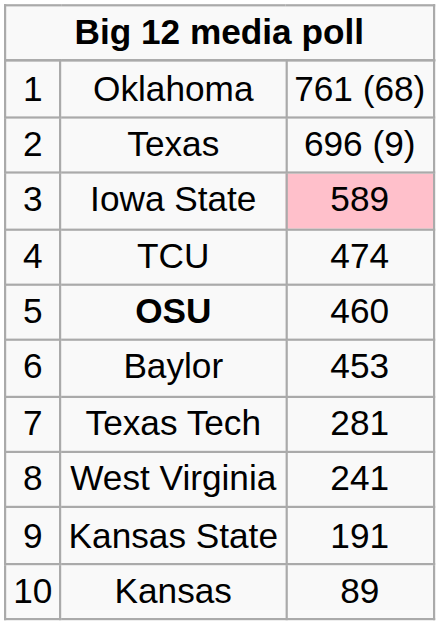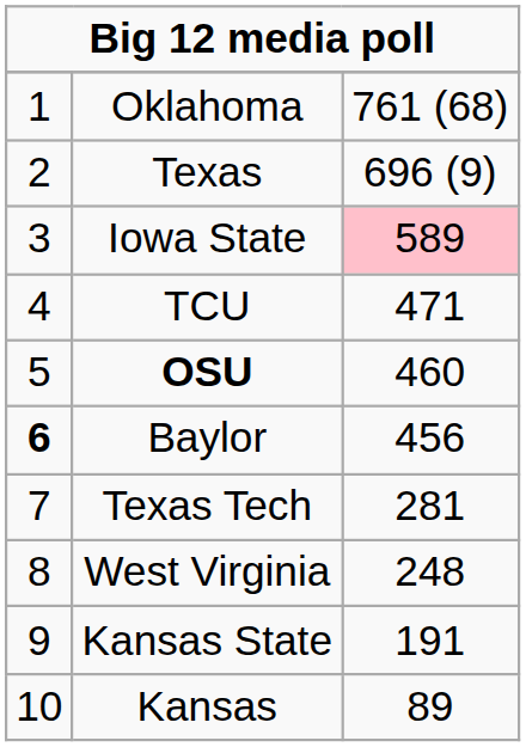 <table class="wikitable" style="display: inline-table;">
 <tr>
 <td align="center" Colspan="3"><strong>Big 12 media poll</strong></td>
 </tr>
 <tr align="center">
 </tr>
 <tr align="center">
 <td>1</td>
 <td>Oklahoma</td>
 <td>761 (68)</td>
 </tr>
 <tr align="center">
 <td>2</td>
 <td>Texas</td>
 <td>696 (9)</td>
 </tr>
 <tr align="center">
 <td>3</td>
 <td>Iowa State</td>
 <td style="background: pink;">589</td>
 </tr>
 <tr align="center">
 <td>4</td>
 <td>TCU</td>
-<td>474</td>
+<td>471</td>
 </tr>
 <tr align="center">
 <td>5</td>
 <td><strong>OSU</strong></td>
 <td>460</td>
 </tr>
 <tr align="center">
-<td>6</td>
+<td><strong>6</strong></td>
 <td>Baylor</td>
-<td>453</td>
+<td>456</td>
 </tr>
 <tr align="center">
 <td>7</td>
 <td>Texas Tech</td>
 <td>281</td>
 </tr>
 <tr align="center">
 <td>8</td>
 <td>West Virginia</td>
-<td>241</td>
+<td>248</td>
 </tr>
 <tr align="center">
 <td>9</td>
 <td>Kansas State</td>
 <td>191</td>
 </tr>
 <tr align="center">
 <td>10</td>
 <td>Kansas</td>
 <td>89</td>
 </tr>
 </table>
